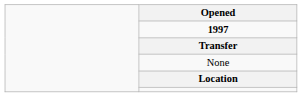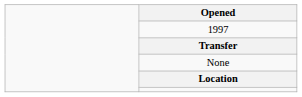 <table class=wikitable style="text-align: center; width: 450px; float:right">
 <tr>
 <td style="width: 200px; font-size: 85%" rowspan="6"></td>
 <th>Opened</th>
 </tr>
 <tr>
-<td><strong>1997</strong></td>
+<td>1997</td>
 </tr>
 <tr>
 <th>Transfer</th>
 </tr>
 <tr>
 <td>None</td>
 </tr>
 <tr>
 <th>Location</th>
 </tr>
 <tr>
 <td></td>
 </tr>
 </table>
